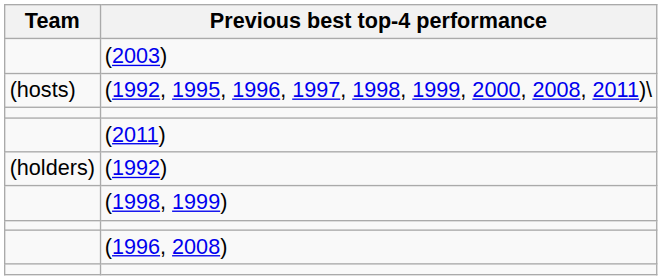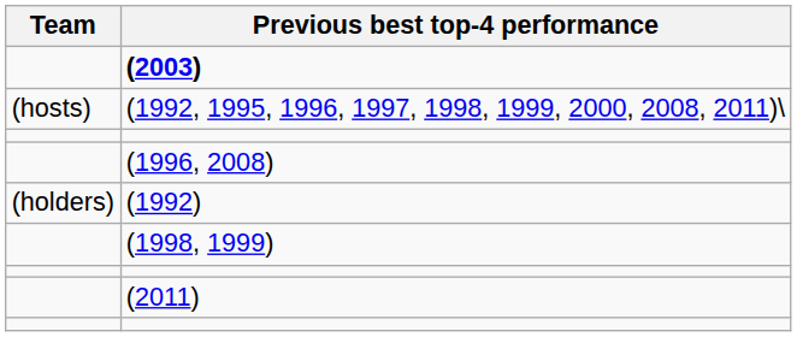 <table class="wikitable sortable">
 <tr>
 <th>Team</th>
 <th>Previous best top-4 performance</th>
 </tr>
 <tr>
 <td></td>
-<td> (<a href='#'>2003</a>)</td>
+<td><strong> (<a href='#'>2003</a>)</strong></td>
 </tr>
 <tr>
 <td> (hosts)</td>
 <td> (<a href='#'>1992</a>, <a href='#'>1995</a>, <a href='#'>1996</a>, <a href='#'>1997</a>, <a href='#'>1998</a>, <a href='#'>1999</a>, <a href='#'>2000</a>, <a href='#'>2008</a>, <a href='#'>2011</a>)\</td>
 </tr>
 <tr>
 <td></td>
 <td></td>
 </tr>
 <tr>
 <td></td>
-<td> (<a href='#'>2011</a>)</td>
+<td> (<a href='#'>1996</a>, <a href='#'>2008</a>)</td>
 </tr>
 <tr>
 <td> (holders)</td>
 <td> (<a href='#'>1992</a>)</td>
 </tr>
 <tr>
 <td></td>
 <td> (<a href='#'>1998</a>, <a href='#'>1999</a>)</td>
 </tr>
 <tr>
 <td></td>
 <td></td>
 </tr>
 <tr>
 <td></td>
-<td> (<a href='#'>1996</a>, <a href='#'>2008</a>)</td>
+<td> (<a href='#'>2011</a>)</td>
 </tr>
 <tr>
 <td></td>
 <td></td>
 </tr>
 </table>
